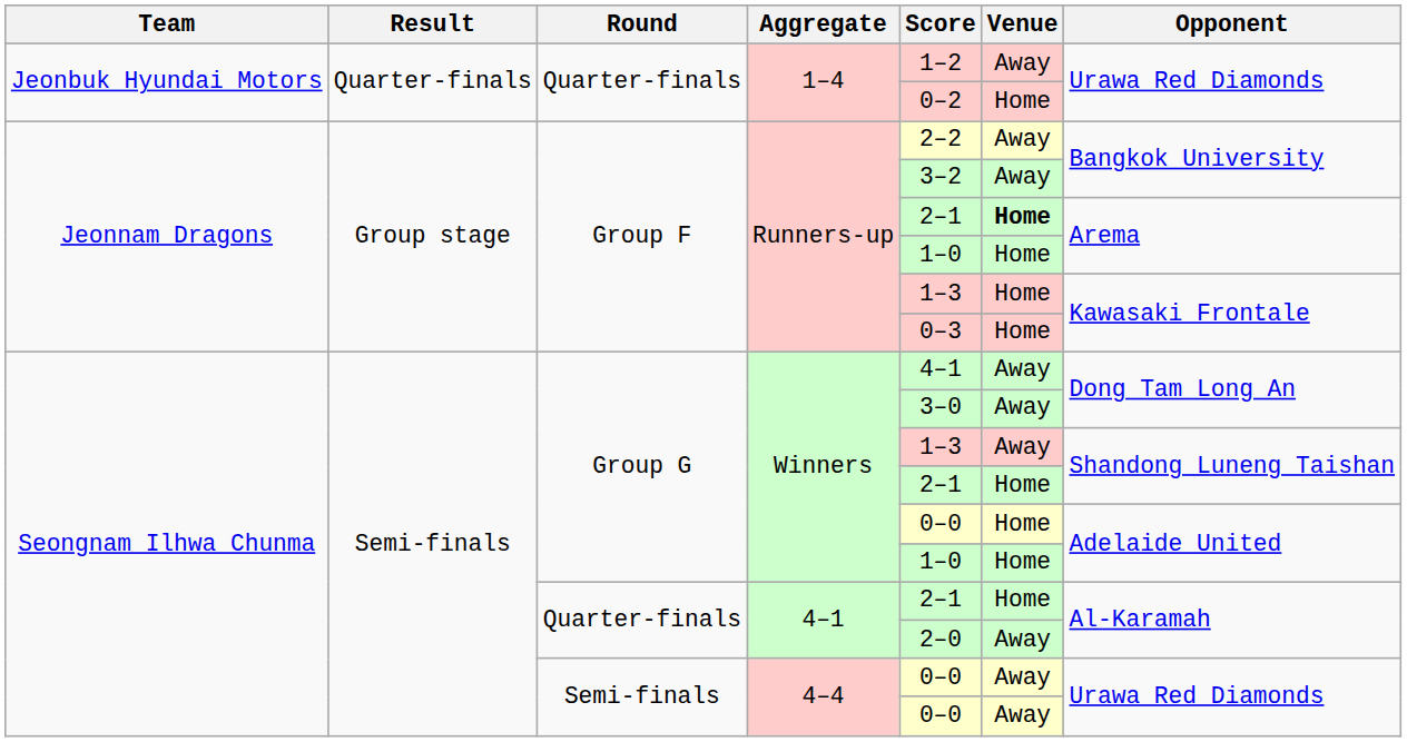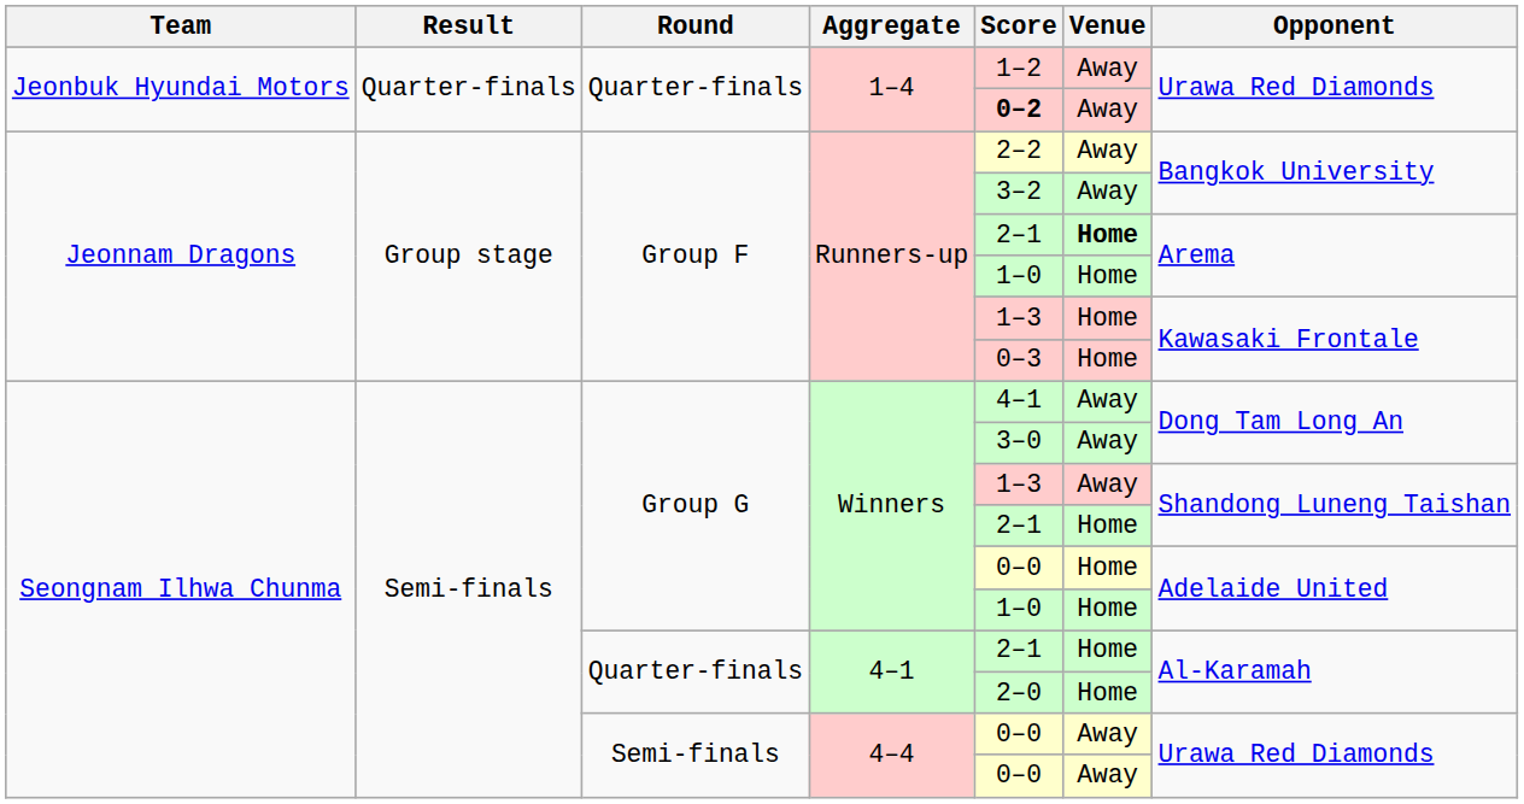 <table class="wikitable" style="text-align:center;">
 <tr>
 <th>Team</th>
 <th>Result</th>
 <th>Round</th>
 <th>Aggregate</th>
 <th>Score</th>
 <th>Venue</th>
 <th>Opponent</th>
 </tr>
 <tr>
 <td rowspan="2"><a href='#'>Jeonbuk Hyundai Motors</a></td>
 <td rowspan="2">Quarter-finals</td>
 <td rowspan="2">Quarter-finals</td>
 <td rowspan="2" bgcolor="#fcc">1–4</td>
 <td bgcolor="#fcc">1–2</td>
 <td bgcolor="#fcc">Away</td>
 <td rowspan="2" align="left"> <a href='#'>Urawa Red Diamonds</a></td>
 </tr>
 <tr>
-<td bgcolor="#fcc">0–2</td>
-<td bgcolor="#fcc">Home</td>
+<td bgcolor="#fcc"><strong>0–2</strong></td>
+<td bgcolor="#fcc">Away</td>
 </tr>
 <tr>
 <td rowspan="6"><a href='#'>Jeonnam Dragons</a></td>
 <td rowspan="6">Group stage</td>
 <td rowspan="6">Group F</td>
 <td rowspan="6" bgcolor="#fcc">Runners-up</td>
 <td bgcolor="#ffc">2–2 </td>
 <td bgcolor="#ffc">Away</td>
 <td rowspan="2" align="left"> <a href='#'>Bangkok University</a></td>
 </tr>
 <tr>
 <td bgcolor="#cfc">3–2</td>
 <td bgcolor="#cfc">Away</td>
 </tr>
 <tr>
 <td bgcolor="#cfc">2–1</td>
 <td bgcolor="#cfc"><strong>Home</strong></td>
 <td rowspan="2" align="left"> <a href='#'>Arema</a></td>
 </tr>
 <tr>
 <td bgcolor="#cfc">1–0</td>
 <td bgcolor="#cfc">Home</td>
 </tr>
 <tr>
 <td bgcolor="#fcc">1–3</td>
 <td bgcolor="#fcc">Home</td>
 <td rowspan="2" align="left"> <a href='#'>Kawasaki Frontale</a></td>
 </tr>
 <tr>
 <td bgcolor="#fcc">0–3</td>
 <td bgcolor="#fcc">Home</td>
 </tr>
 <tr>
 <td rowspan="10"><a href='#'>Seongnam Ilhwa Chunma</a></td>
 <td rowspan="10">Semi-finals</td>
 <td rowspan="6">Group G</td>
 <td rowspan="6" bgcolor="#cfc">Winners</td>
 <td bgcolor="#cfc">4–1</td>
 <td bgcolor="#cfc">Away</td>
 <td rowspan="2" align="left"> <a href='#'>Dong Tam Long An</a></td>
 </tr>
 <tr>
 <td bgcolor="#cfc">3–0</td>
 <td bgcolor="#cfc">Away</td>
 </tr>
 <tr>
 <td bgcolor="#fcc">1–3</td>
 <td bgcolor="#fcc">Away</td>
 <td rowspan="2" align="left"> <a href='#'>Shandong Luneng Taishan</a></td>
 </tr>
 <tr>
 <td bgcolor="#cfc">2–1</td>
 <td bgcolor="#cfc">Home</td>
 </tr>
 <tr>
 <td bgcolor="#ffc">0–0</td>
 <td bgcolor="#ffc">Home</td>
 <td rowspan="2" align="left"> <a href='#'>Adelaide United</a></td>
 </tr>
 <tr>
 <td bgcolor="#cfc">1–0</td>
 <td bgcolor="#cfc">Home</td>
 </tr>
 <tr>
 <td rowspan="2">Quarter-finals</td>
 <td rowspan="2" bgcolor="#cfc">4–1</td>
 <td bgcolor="#cfc">2–1</td>
 <td bgcolor="#cfc">Home</td>
 <td rowspan="2" align="left"> <a href='#'>Al-Karamah</a></td>
 </tr>
 <tr>
 <td bgcolor="#cfc">2–0</td>
-<td bgcolor="#cfc">Away</td>
+<td bgcolor="#cfc">Home</td>
 </tr>
 <tr>
 <td rowspan="2">Semi-finals</td>
 <td rowspan="2" bgcolor="#fcc">4–4 </td>
 <td bgcolor="#ffc">0–0</td>
 <td bgcolor="#ffc">Away</td>
 <td rowspan="2" align="left"> <a href='#'>Urawa Red Diamonds</a></td>
 </tr>
 <tr>
 <td bgcolor="#ffc">0–0</td>
 <td bgcolor="#ffc">Away</td>
 </tr>
 </table>
